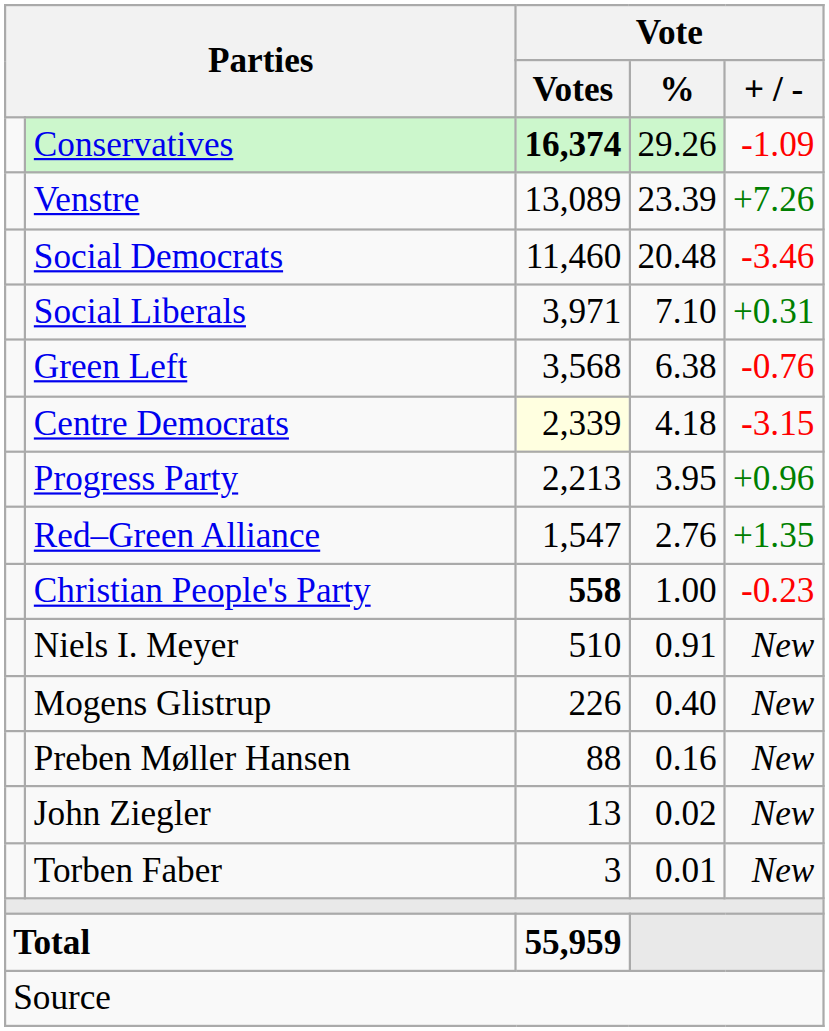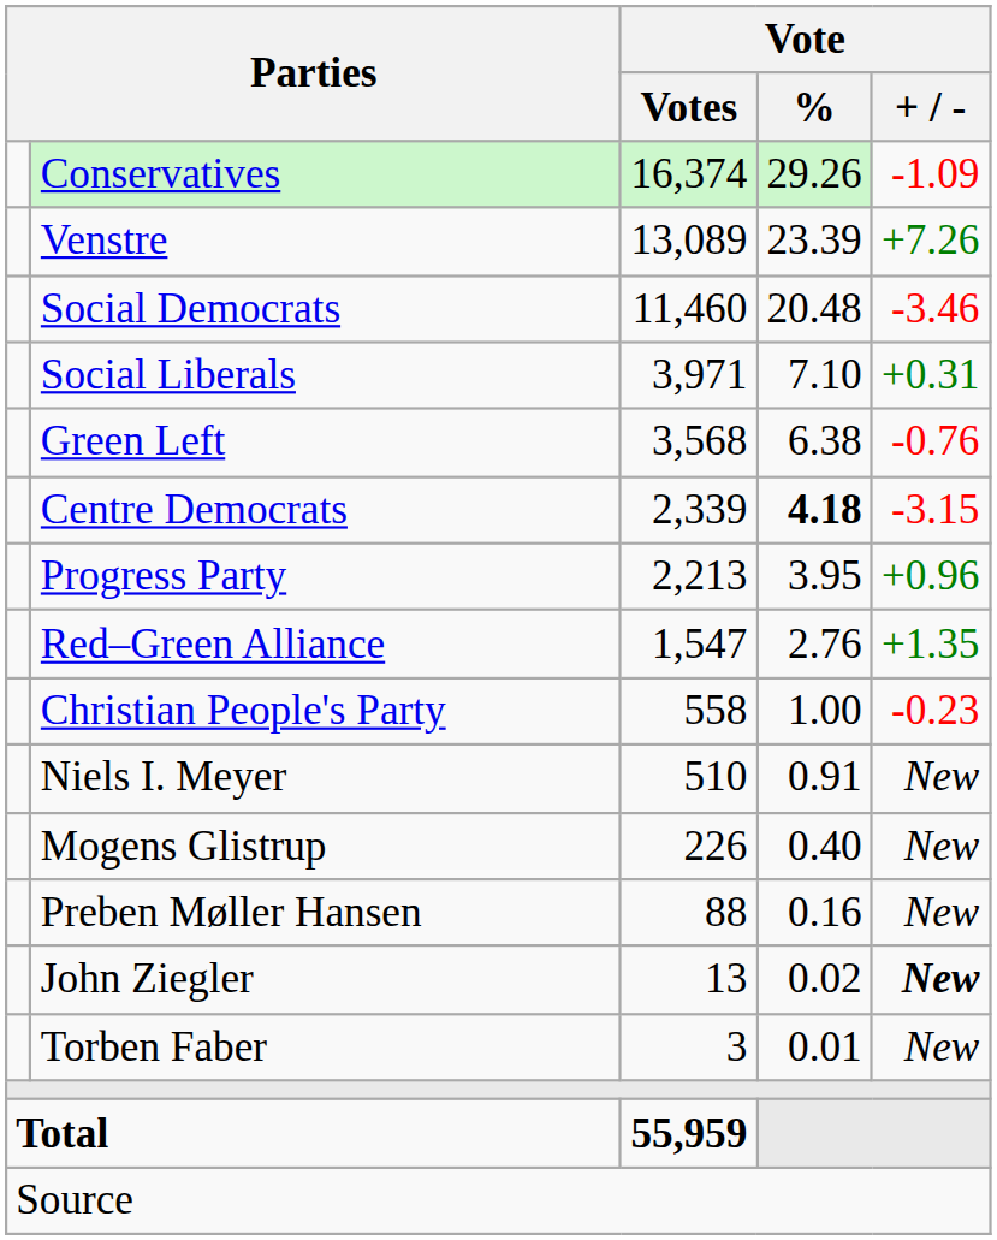 <table class="wikitable" style="text-align:right;">
 <tr>
 <th style="text-align:centre;" rowspan="2" colspan="2" width="225">Parties</th>
 <th colspan="3">Vote</th>
 </tr>
 <tr>
 <th width="15">Votes</th>
 <th width="15">%</th>
 <th width="15">+ / -</th>
 </tr>
 <tr>
 <td width="2" style="color:inherit;background:"></td>
 <td bgcolor=#ccf7cc  align="left"><a href='#'>Conservatives</a></td>
-<td bgcolor=#ccf7cc><strong>16,374</strong></td>
+<td bgcolor=#ccf7cc>16,374</td>
 <td bgcolor=#ccf7cc>29.26</td>
 <td style=color:red;>-1.09</td>
 </tr>
 <tr>
 <td width="2" style="color:inherit;background:"></td>
 <td align="left"><a href='#'>Venstre</a></td>
 <td>13,089</td>
 <td>23.39</td>
 <td style=color:green;>+7.26</td>
 </tr>
 <tr>
 <td width="2" style="color:inherit;background:"></td>
 <td align="left"><a href='#'>Social Democrats</a></td>
 <td>11,460</td>
 <td>20.48</td>
 <td style=color:red;>-3.46</td>
 </tr>
 <tr>
 <td width="2" style="color:inherit;background:"></td>
 <td align="left"><a href='#'>Social Liberals</a></td>
 <td>3,971</td>
 <td>7.10</td>
 <td style=color:green;>+0.31</td>
 </tr>
 <tr>
 <td width="2" style="color:inherit;background:"></td>
 <td align="left"><a href='#'>Green Left</a></td>
 <td>3,568</td>
 <td>6.38</td>
 <td style=color:red;>-0.76</td>
 </tr>
 <tr>
 <td width="2" style="color:inherit;background:"></td>
 <td align="left"><a href='#'>Centre Democrats</a></td>
-<td style="background: lightyellow;">2,339</td>
-<td>4.18</td>
+<td>2,339</td>
+<td><strong>4.18</strong></td>
 <td style=color:red;>-3.15</td>
 </tr>
 <tr>
 <td width="2" style="color:inherit;background:"></td>
 <td align="left"><a href='#'>Progress Party</a></td>
 <td>2,213</td>
 <td>3.95</td>
 <td style=color:green;>+0.96</td>
 </tr>
 <tr>
 <td width="2" style="color:inherit;background:"></td>
 <td align="left"><a href='#'>Red–Green Alliance</a></td>
 <td>1,547</td>
 <td>2.76</td>
 <td style=color:green;>+1.35</td>
 </tr>
 <tr>
 <td width="2" style="color:inherit;background:"></td>
 <td align="left"><a href='#'>Christian People's Party</a></td>
-<td><strong>558</strong></td>
+<td>558</td>
 <td>1.00</td>
 <td style=color:red;>-0.23</td>
 </tr>
 <tr>
 <td width="2" style="color:inherit;background:"></td>
 <td align="left">Niels I. Meyer</td>
 <td>510</td>
 <td>0.91</td>
 <td><em>New</em></td>
 </tr>
 <tr>
 <td width="2" style="color:inherit;background:"></td>
 <td align="left">Mogens Glistrup</td>
 <td>226</td>
 <td>0.40</td>
 <td><em>New</em></td>
 </tr>
 <tr>
 <td width="2" style="color:inherit;background:"></td>
 <td align="left">Preben Møller Hansen</td>
 <td>88</td>
 <td>0.16</td>
 <td><em>New</em></td>
 </tr>
 <tr>
 <td width="2" style="color:inherit;background:"></td>
 <td align="left">John Ziegler</td>
 <td>13</td>
 <td>0.02</td>
-<td><em>New</em></td>
+<td><strong><em>New</em></strong></td>
 </tr>
 <tr>
 <td width="2" style="color:inherit;background:"></td>
 <td align="left">Torben Faber</td>
 <td>3</td>
 <td>0.01</td>
 <td><em>New</em></td>
 </tr>
 <tr>
 <td colspan="7" bgcolor="#E9E9E9"></td>
 </tr>
 <tr>
 <td align="left" colspan="2"><strong>Total</strong></td>
 <td><strong>55,959</strong></td>
 <td bgcolor="#E9E9E9" colspan="2"></td>
 </tr>
 <tr>
 <td align="left" colspan="6">Source</td>
 </tr>
 </table>
